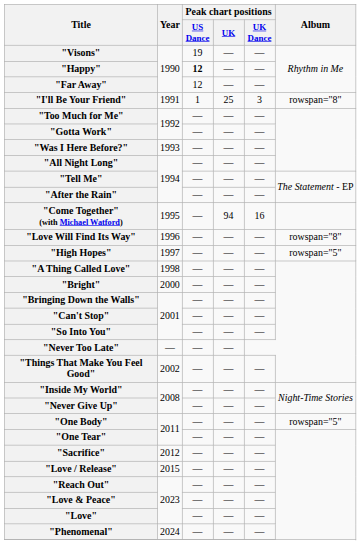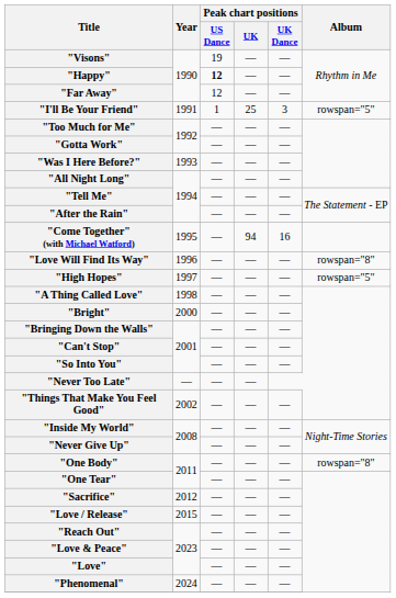 <table class="wikitable plainrowheaders" style="text-align:center;">
 <tr>
 <th scope="col" rowspan="2" style="width:15em;">Title</th>
 <th scope="col" rowspan="2" style="width:2em;">Year</th>
 <th scope="col" colspan="3">Peak chart positions</th>
 <th scope="col" rowspan="2">Album</th>
 </tr>
 <tr>
 <th scope="col" style="width:3em;font-size:90%;"><a href='#'>US<br>Dance</a><br></th>
 <th scope="col" style="width:3em;font-size:90%;"><a href='#'>UK</a><br></th>
 <th scope="col" style="width:3em;font-size:90%;"><a href='#'>UK<br>Dance</a><br></th>
 </tr>
 <tr>
 <th scope="row">"Visons"</th>
 <td rowspan="3">1990</td>
 <td>19</td>
 <td>—</td>
 <td>—</td>
 <td rowspan="3"><em>Rhythm in Me</em></td>
 </tr>
 <tr>
 <th scope="row">"Happy"</th>
 <td><strong>12</strong></td>
 <td>—</td>
 <td>—</td>
 </tr>
 <tr>
 <th scope="row">"Far Away"</th>
 <td>12</td>
 <td>—</td>
 <td>—</td>
 </tr>
 <tr>
 <th scope="row">"I'll Be Your Friend"</th>
 <td>1991</td>
 <td>1</td>
 <td>25</td>
 <td>3</td>
-<td>rowspan="8" </td>
+<td>rowspan="5" </td>
 </tr>
 <tr>
 <th scope="row">"Too Much for Me"</th>
 <td rowspan="2">1992</td>
 <td>—</td>
 <td>—</td>
 <td>—</td>
 </tr>
 <tr>
 <th scope="row">"Gotta Work"</th>
 <td>—</td>
 <td>—</td>
 <td>—</td>
 </tr>
 <tr>
 <th scope="row">"Was I Here Before?"</th>
 <td>1993</td>
 <td>—</td>
 <td>—</td>
 <td>—</td>
 </tr>
 <tr>
 <th scope="row">"All Night Long"</th>
 <td rowspan="3">1994</td>
 <td>—</td>
 <td>—</td>
 <td>—</td>
 </tr>
 <tr>
 <th scope="row">"Tell Me"</th>
 <td>—</td>
 <td>—</td>
 <td>—</td>
 <td rowspan="2"><em>The Statement</em> - EP</td>
 </tr>
 <tr>
 <th scope="row">"After the Rain"</th>
 <td>—</td>
 <td>—</td>
 <td>—</td>
 </tr>
 <tr>
 <th scope="row">"Come Together"<br><small>(with <a href='#'>Michael Watford</a>)</small></th>
 <td>1995</td>
 <td>—</td>
 <td>94</td>
 <td>16</td>
 <td></td>
 </tr>
 <tr>
 <th scope="row">"Love Will Find Its Way"</th>
 <td rowspan="1">1996</td>
 <td>—</td>
 <td>—</td>
 <td>—</td>
 <td>rowspan="8" </td>
 </tr>
 <tr>
 <th scope="row">"High Hopes"</th>
 <td>1997</td>
 <td>—</td>
 <td>—</td>
 <td>—</td>
 <td>rowspan="5" </td>
 </tr>
 <tr>
 <th scope="row">"A Thing Called Love"</th>
 <td>1998</td>
 <td>—</td>
 <td>—</td>
 <td>—</td>
 </tr>
 <tr>
 <th scope="row">"Bright"</th>
 <td>2000</td>
 <td>—</td>
 <td>—</td>
 <td>—</td>
 </tr>
 <tr>
 <th scope="row">"Bringing Down the Walls"</th>
 <td rowspan="3">2001</td>
 <td>—</td>
 <td>—</td>
 <td>—</td>
 </tr>
 <tr>
 <th scope="row">"Can't Stop"</th>
 <td>—</td>
 <td>—</td>
 <td>—</td>
 </tr>
 <tr>
 <th scope="row">"So Into You"</th>
 <td>—</td>
 <td>—</td>
 <td>—</td>
 </tr>
 <tr>
 <th scope="row">"Never Too Late"</th>
 <td>—</td>
 <td>—</td>
 <td>—</td>
 </tr>
 <tr>
 <th scope="row">"Things That Make You Feel Good"</th>
 <td>2002</td>
 <td>—</td>
 <td>—</td>
 <td>—</td>
 </tr>
 <tr>
 <th scope="row">"Inside My World"</th>
 <td rowspan="2">2008</td>
 <td>—</td>
 <td>—</td>
 <td>—</td>
 <td rowspan="2"><em>Night-Time Stories</em></td>
 </tr>
 <tr>
 <th scope="row">"Never Give Up"</th>
 <td>—</td>
 <td>—</td>
 <td>—</td>
 </tr>
 <tr>
 <th scope="row">"One Body"</th>
 <td rowspan="2">2011</td>
 <td>—</td>
 <td>—</td>
 <td>—</td>
-<td>rowspan="5" </td>
+<td>rowspan="8" </td>
 </tr>
 <tr>
 <th scope="row">"One Tear"</th>
 <td>—</td>
 <td>—</td>
 <td>—</td>
 </tr>
 <tr>
 <th scope="row">"Sacrifice"</th>
 <td>2012</td>
 <td>—</td>
 <td>—</td>
 <td>—</td>
 </tr>
 <tr>
 <th scope="row">"Love / Release"</th>
 <td>2015</td>
 <td>—</td>
 <td>—</td>
 <td>—</td>
 </tr>
 <tr>
 <th scope="row">"Reach Out"</th>
 <td rowspan="3">2023</td>
 <td>—</td>
 <td>—</td>
 <td>—</td>
 </tr>
 <tr>
 <th scope="row">"Love & Peace"</th>
 <td>—</td>
 <td>—</td>
 <td>—</td>
 </tr>
 <tr>
 <th scope="row">"Love"</th>
 <td>—</td>
 <td>—</td>
 <td>—</td>
 </tr>
 <tr>
 <th scope="row">"Phenomenal"</th>
 <td>2024</td>
 <td>—</td>
 <td>—</td>
 <td>—</td>
 </tr>
 <tr>
 </tr>
 </table>
